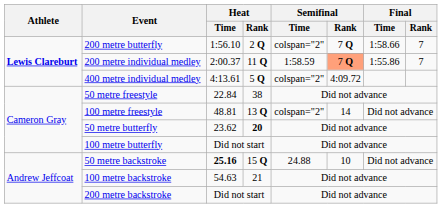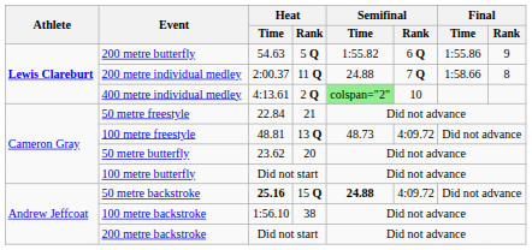 <table class="wikitable" style="text-align:center; font-size:90%; width:70%;">
 <tr>
 <th rowspan="2">Athlete</th>
 <th rowspan="2">Event</th>
 <th colspan="2">Heat</th>
 <th colspan="2">Semifinal</th>
 <th colspan="2">Final</th>
 </tr>
 <tr style="font-size:95%">
 <th>Time</th>
 <th>Rank</th>
 <th>Time</th>
 <th>Rank</th>
 <th>Time</th>
 <th>Rank</th>
 </tr>
 <tr>
 <td rowspan="3" align="left"><strong><a href='#'>Lewis Clareburt</a></strong></td>
 <td align=left><a href='#'>200 metre butterfly</a></td>
-<td>1:56.10</td>
-<td>2 <strong>Q</strong></td>
-<td>colspan="2" </td>
-<td>7 <strong>Q</strong></td>
-<td>1:58.66</td>
-<td>7</td>
+<td>54.63</td>
+<td>5 <strong>Q</strong></td>
+<td>1:55.82</td>
+<td>6 <strong>Q</strong></td>
+<td>1:55.86</td>
+<td>9</td>
 </tr>
 <tr>
 <td align="left"><a href='#'>200 metre individual medley</a></td>
 <td>2:00.37</td>
 <td>11 <strong>Q</strong></td>
-<td>1:58.59</td>
-<td style="background: lightsalmon;">7 <strong>Q</strong></td>
-<td>1:55.86</td>
-<td>7</td>
+<td>24.88</td>
+<td>7 <strong>Q</strong></td>
+<td>1:58.66</td>
+<td>8</td>
 </tr>
 <tr>
 <td align="left"><a href='#'>400 metre individual medley</a></td>
 <td>4:13.61</td>
-<td>5 <strong>Q</strong></td>
-<td>colspan="2" </td>
-<td>4:09.72</td>
+<td>2 <strong>Q</strong></td>
+<td style="background: lightgreen;">colspan="2" </td>
+<td>10</td>
 <td></td>
 </tr>
 <tr>
 <td align="left" rowspan="4"><a href='#'>Cameron Gray</a></td>
 <td align="left"><a href='#'>50 metre freestyle</a></td>
 <td>22.84</td>
-<td>38</td>
+<td>21</td>
 <td colspan="4">Did not advance</td>
 </tr>
 <tr>
 <td align="left"><a href='#'>100 metre freestyle</a></td>
 <td>48.81</td>
 <td>13 <strong>Q</strong></td>
-<td>colspan="2" </td>
-<td>14</td>
+<td>48.73</td>
+<td>4:09.72</td>
 <td colspan="2">Did not advance</td>
 </tr>
 <tr>
 <td align="left"><a href='#'>50 metre butterfly</a></td>
 <td>23.62</td>
-<td><strong>20</strong></td>
+<td>20</td>
 <td colspan="4">Did not advance</td>
 </tr>
 <tr>
 <td align="left"><a href='#'>100 metre butterfly</a></td>
 <td colspan="2">Did not start</td>
 <td colspan="4">Did not advance</td>
 </tr>
 <tr>
 <td rowspan="3" align="left"><a href='#'>Andrew Jeffcoat</a></td>
 <td align="left"><a href='#'>50 metre backstroke</a></td>
 <td><strong>25.16</strong></td>
 <td>15 <strong>Q</strong></td>
-<td>24.88</td>
-<td>10</td>
+<td><strong>24.88</strong></td>
+<td>4:09.72</td>
 <td colspan="2">Did not advance</td>
 </tr>
 <tr>
 <td align="left"><a href='#'>100 metre backstroke</a></td>
-<td>54.63</td>
-<td>21</td>
+<td>1:56.10</td>
+<td>38</td>
 <td colspan="4">Did not advance</td>
 </tr>
 <tr>
 <td align="left"><a href='#'>200 metre backstroke</a></td>
 <td colspan="2">Did not start</td>
 <td colspan="4">Did not advance</td>
 </tr>
 </table>
